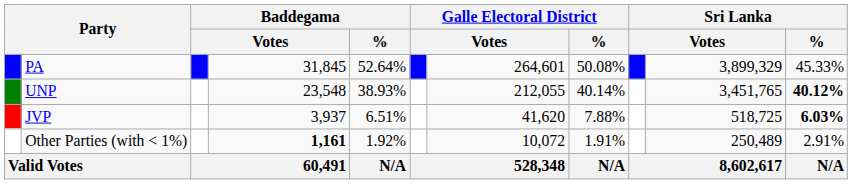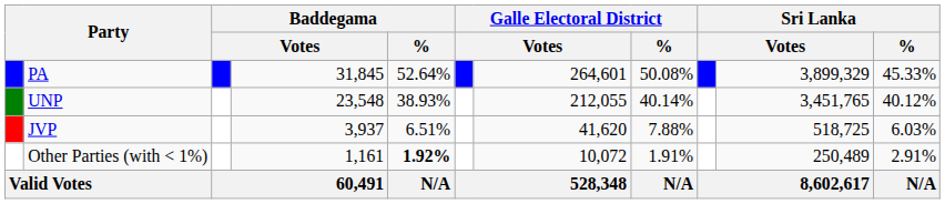 <table class="wikitable">
 <tr>
 <th colspan="2" width="144px"rowspan="2">Party</th>
 <th colspan="3" width="216px">Baddegama</th>
 <th colspan="3" width="216px"><a href='#'>Galle Electoral District</a></th>
 <th colspan="3" width="216px">Sri Lanka</th>
 </tr>
 <tr>
 <th colspan="2" width="144px">Votes</th>
 <th>%</th>
 <th colspan="2" width="144px">Votes</th>
 <th>%</th>
 <th colspan="2" width="144px">Votes</th>
 <th>%</th>
 </tr>
 <tr>
 <td style="background-color:blue;" width="10px"></td>
 <td style="text-align:left;"><a href='#'>PA</a></td>
 <td style="background-color:blue;" width="10px"></td>
 <td style="text-align:right;">31,845</td>
 <td style="text-align:right;">52.64%</td>
 <td style="background-color:blue;" width="10px"></td>
 <td style="text-align:right;">264,601</td>
 <td style="text-align:right;">50.08%</td>
 <td style="background-color:blue;" width="10px"></td>
 <td style="text-align:right;">3,899,329</td>
 <td style="text-align:right;">45.33%</td>
 </tr>
 <tr>
 <td style="background-color:green;" width="10px"></td>
 <td style="text-align:left;"><a href='#'>UNP</a></td>
 <td style="background-color:white;" width="10px"></td>
 <td style="text-align:right;">23,548</td>
 <td style="text-align:right;">38.93%</td>
 <td style="background-color:white;" width="10px"></td>
 <td style="text-align:right;">212,055</td>
 <td style="text-align:right;">40.14%</td>
 <td style="background-color:white;" width="10px"></td>
 <td style="text-align:right;">3,451,765</td>
-<td style="text-align:right;"><strong>40.12%</strong></td>
+<td style="text-align:right;">40.12%</td>
 </tr>
 <tr>
 <td style="background-color:red;" width="10px"></td>
 <td style="text-align:left;"><a href='#'>JVP</a></td>
 <td style="background-color:white;" width="10px"></td>
 <td style="text-align:right;">3,937</td>
 <td style="text-align:right;">6.51%</td>
 <td style="background-color:white;" width="10px"></td>
 <td style="text-align:right;">41,620</td>
 <td style="text-align:right;">7.88%</td>
 <td style="background-color:white;" width="10px"></td>
 <td style="text-align:right;">518,725</td>
-<td style="text-align:right;"><strong>6.03%</strong></td>
+<td style="text-align:right;">6.03%</td>
 </tr>
 <tr>
 <td style="background-color:white;" width="10px"></td>
 <td style="text-align:left;">Other Parties (with < 1%)</td>
 <td style="background-color:white;" width="10px"></td>
-<td style="text-align:right;"><strong>1,161</strong></td>
-<td style="text-align:right;">1.92%</td>
+<td style="text-align:right;">1,161</td>
+<td style="text-align:right;"><strong>1.92%</strong></td>
 <td style="background-color:white;" width="10px"></td>
 <td style="text-align:right;">10,072</td>
 <td style="text-align:right;">1.91%</td>
 <td style="background-color:white;" width="10px"></td>
 <td style="text-align:right;">250,489</td>
 <td style="text-align:right;">2.91%</td>
 </tr>
 <tr>
 <th colspan="2" width="144px"style="text-align:left;">Valid Votes</th>
 <th style="text-align:right;"colspan="2" width="144px">60,491</th>
 <th style="text-align:right;">N/A</th>
 <th style="text-align:right;"colspan="2" width="144px">528,348</th>
 <th style="text-align:right;">N/A</th>
 <th style="text-align:right;"colspan="2" width="144px">8,602,617</th>
 <th style="text-align:right;">N/A</th>
 </tr>
 </table>
